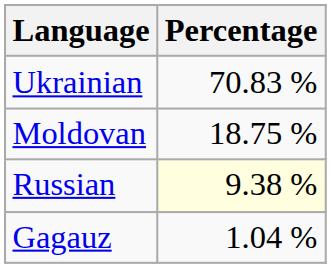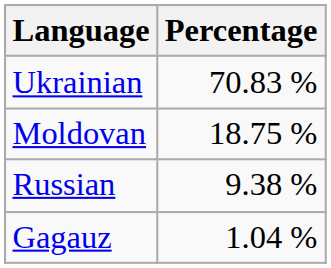 <table class="wikitable">
 <tr>
 <th>Language</th>
 <th>Percentage</th>
 </tr>
 <tr>
 <td><a href='#'>Ukrainian</a></td>
 <td align="right">70.83 %</td>
 </tr>
 <tr>
 <td><a href='#'>Moldovan</a></td>
 <td align="right">18.75 %</td>
 </tr>
 <tr>
 <td><a href='#'>Russian</a></td>
-<td align="right" style="background: lightyellow;">9.38 %</td>
+<td align="right">9.38 %</td>
 </tr>
 <tr>
 <td><a href='#'>Gagauz</a></td>
 <td align="right">1.04 %</td>
 </tr>
 </table>
